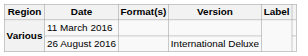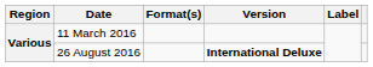 <table class="wikitable plainrowheaders">
 <tr>
 <th scope="col">Region</th>
 <th scope="col">Date</th>
 <th scope="col">Format(s)</th>
 <th scope="col">Version</th>
 <th scope="col">Label</th>
 <th scope="col"></th>
 </tr>
 <tr>
 <th scope="row" rowspan="2">Various</th>
 <td>11 March 2016</td>
 <td></td>
 <td></td>
 <td rowspan="2"></td>
 <td align="center"></td>
 </tr>
 <tr>
 <td>26 August 2016</td>
 <td></td>
-<td>International Deluxe</td>
+<td><strong>International Deluxe</strong></td>
 <td align="center"></td>
 </tr>
 </table>
